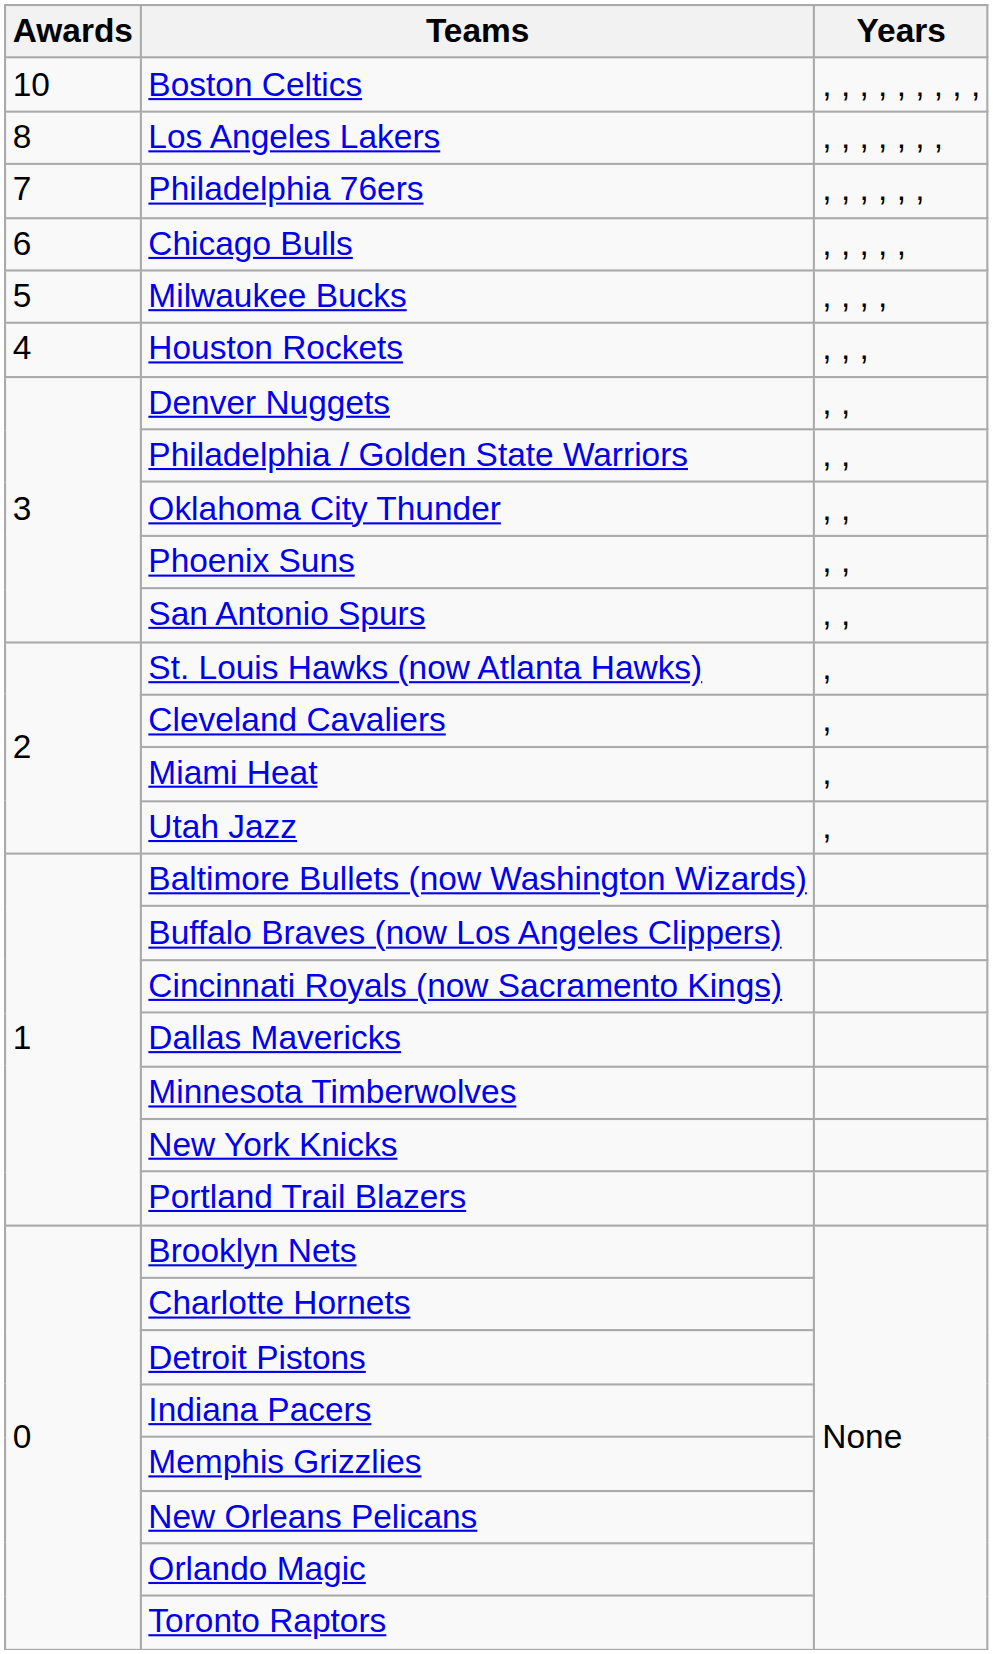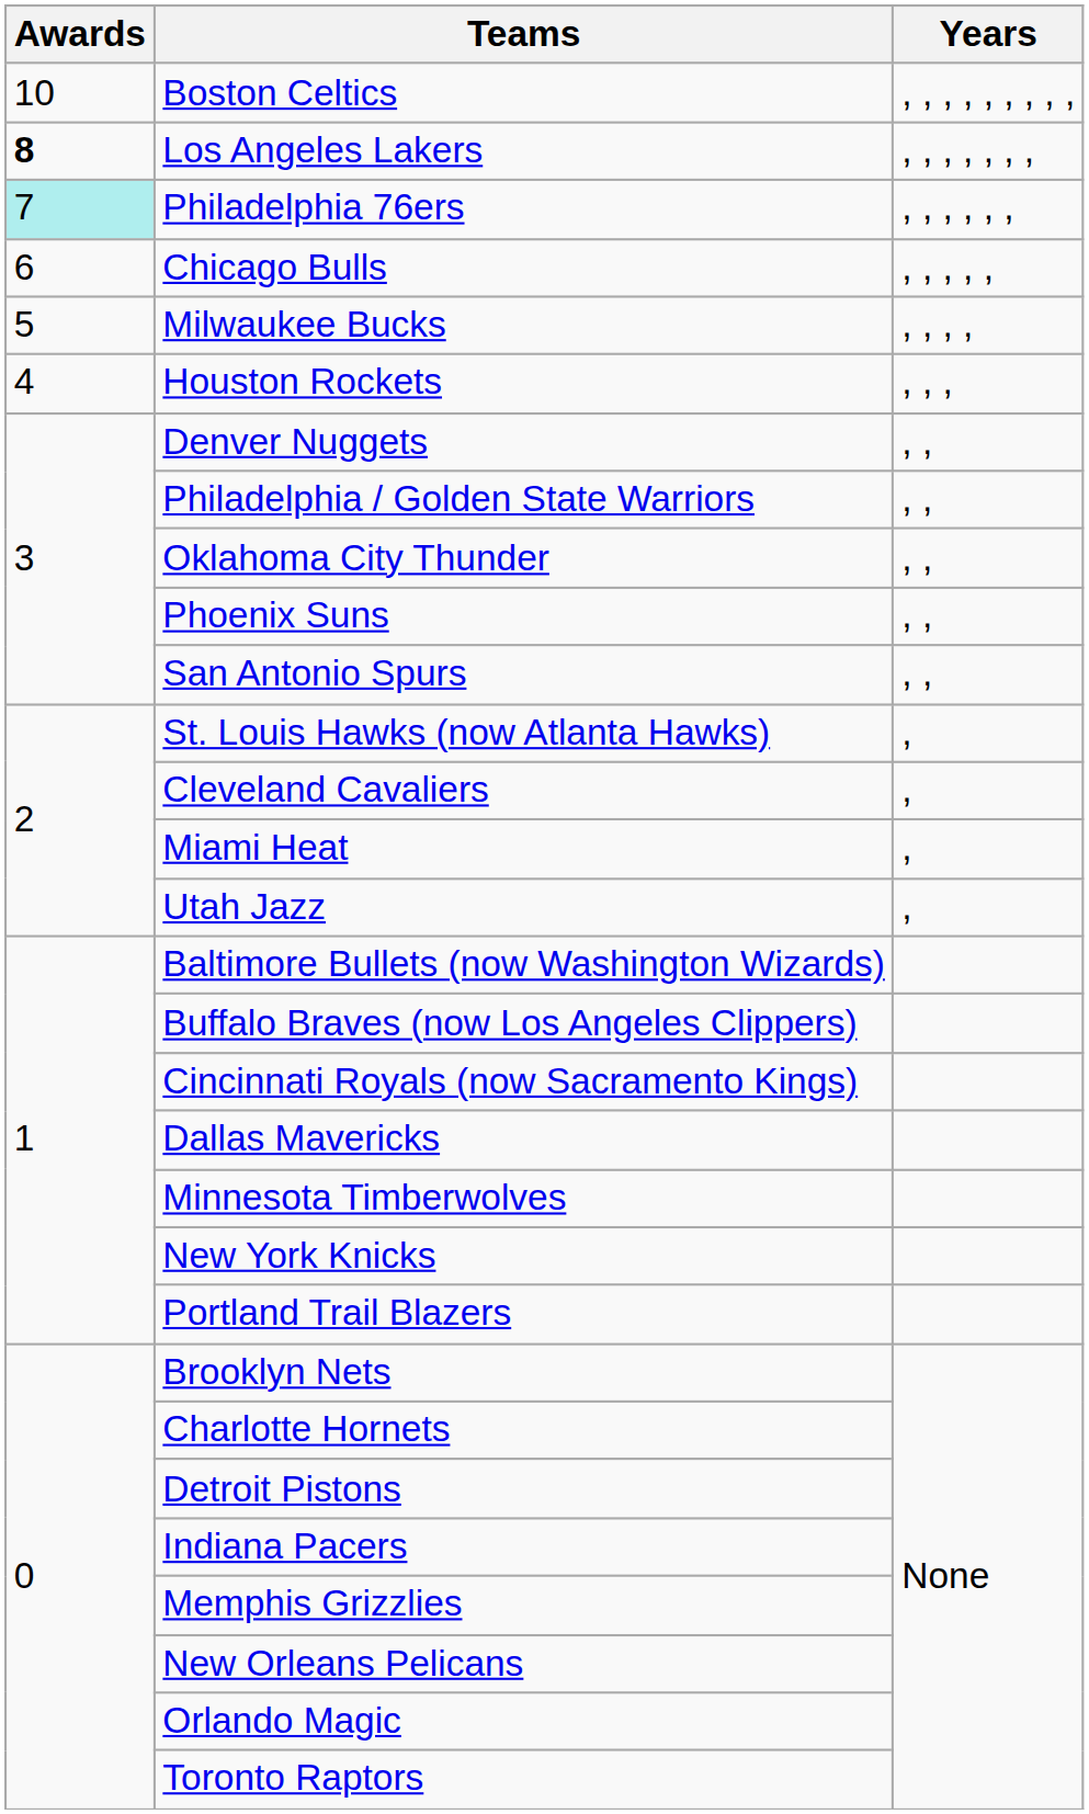 <table class="wikitable">
 <tr>
 <th>Awards</th>
 <th>Teams</th>
 <th>Years</th>
 </tr>
 <tr>
 <td>10</td>
 <td><a href='#'>Boston Celtics</a></td>
 <td>, , , , , , , , , </td>
 </tr>
 <tr>
-<td>8</td>
+<td><strong>8</strong></td>
 <td><a href='#'>Los Angeles Lakers</a></td>
 <td>, , , , , , , </td>
 </tr>
 <tr>
-<td>7</td>
+<td style="background: paleturquoise;">7</td>
 <td><a href='#'>Philadelphia 76ers</a></td>
 <td>, , , , , , </td>
 </tr>
 <tr>
 <td>6</td>
 <td><a href='#'>Chicago Bulls</a></td>
 <td>, , , , , </td>
 </tr>
 <tr>
 <td>5</td>
 <td><a href='#'>Milwaukee Bucks</a></td>
 <td>, , , , </td>
 </tr>
 <tr>
 <td>4</td>
 <td><a href='#'>Houston Rockets</a></td>
 <td>, , , </td>
 </tr>
 <tr>
 <td rowspan=5>3</td>
 <td><a href='#'>Denver Nuggets</a></td>
 <td>, , </td>
 </tr>
 <tr>
 <td><a href='#'>Philadelphia / Golden State Warriors</a></td>
 <td>, , </td>
 </tr>
 <tr>
 <td><a href='#'>Oklahoma City Thunder</a></td>
 <td>, , </td>
 </tr>
 <tr>
 <td><a href='#'>Phoenix Suns</a></td>
 <td>, , </td>
 </tr>
 <tr>
 <td><a href='#'>San Antonio Spurs</a></td>
 <td>, , </td>
 </tr>
 <tr>
 <td rowspan=4>2</td>
 <td><a href='#'>St. Louis Hawks (now Atlanta Hawks)</a></td>
 <td>, </td>
 </tr>
 <tr>
 <td><a href='#'>Cleveland Cavaliers</a></td>
 <td>, </td>
 </tr>
 <tr>
 <td><a href='#'>Miami Heat</a></td>
 <td>, </td>
 </tr>
 <tr>
 <td><a href='#'>Utah Jazz</a></td>
 <td>, </td>
 </tr>
 <tr>
 <td rowspan="7">1</td>
 <td><a href='#'>Baltimore Bullets (now Washington Wizards)</a></td>
 <td></td>
 </tr>
 <tr>
 <td><a href='#'>Buffalo Braves (now Los Angeles Clippers)</a></td>
 <td></td>
 </tr>
 <tr>
 <td><a href='#'>Cincinnati Royals (now Sacramento Kings)</a></td>
 <td></td>
 </tr>
 <tr>
 <td><a href='#'>Dallas Mavericks</a></td>
 <td></td>
 </tr>
 <tr>
 <td><a href='#'>Minnesota Timberwolves</a></td>
 <td></td>
 </tr>
 <tr>
 <td><a href='#'>New York Knicks</a></td>
 <td></td>
 </tr>
 <tr>
 <td><a href='#'>Portland Trail Blazers</a></td>
 <td></td>
 </tr>
 <tr>
 <td rowspan="8">0</td>
 <td><a href='#'>Brooklyn Nets</a></td>
 <td rowspan="8">None</td>
 </tr>
 <tr>
 <td><a href='#'>Charlotte Hornets</a></td>
 </tr>
 <tr>
 <td><a href='#'>Detroit Pistons</a></td>
 </tr>
 <tr>
 <td><a href='#'>Indiana Pacers</a></td>
 </tr>
 <tr>
 <td><a href='#'>Memphis Grizzlies</a></td>
 </tr>
 <tr>
 <td><a href='#'>New Orleans Pelicans</a></td>
 </tr>
 <tr>
 <td><a href='#'>Orlando Magic</a></td>
 </tr>
 <tr>
 <td><a href='#'>Toronto Raptors</a></td>
 </tr>
 </table>
